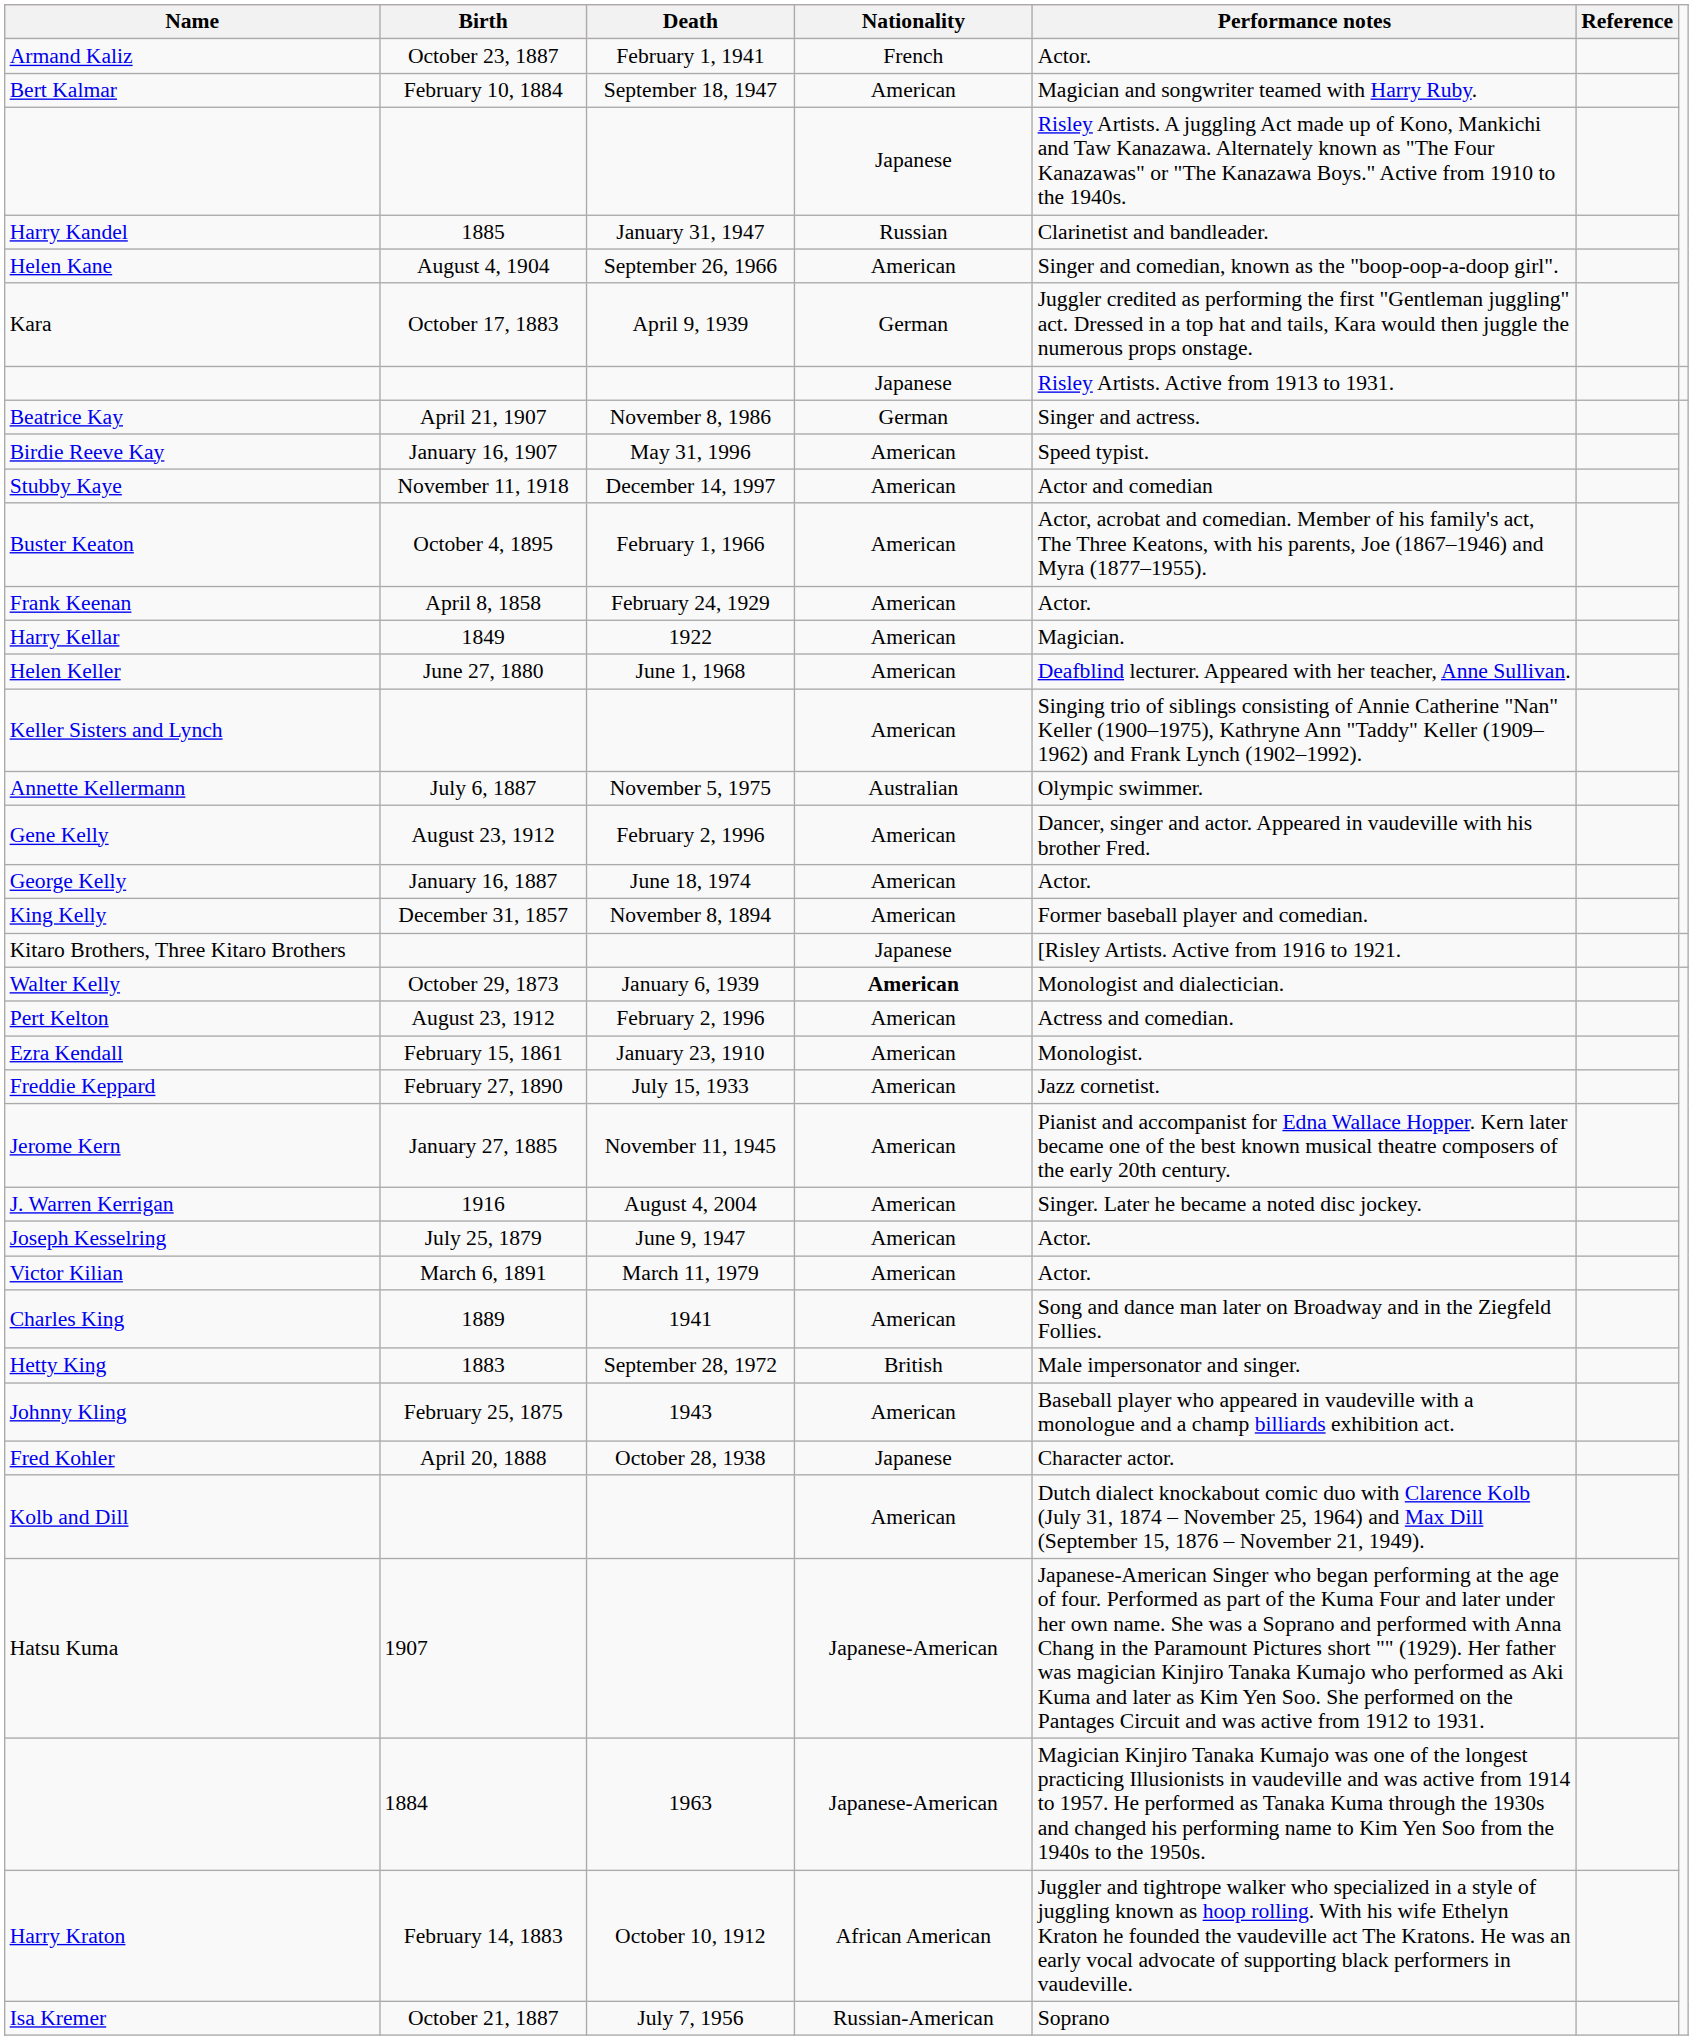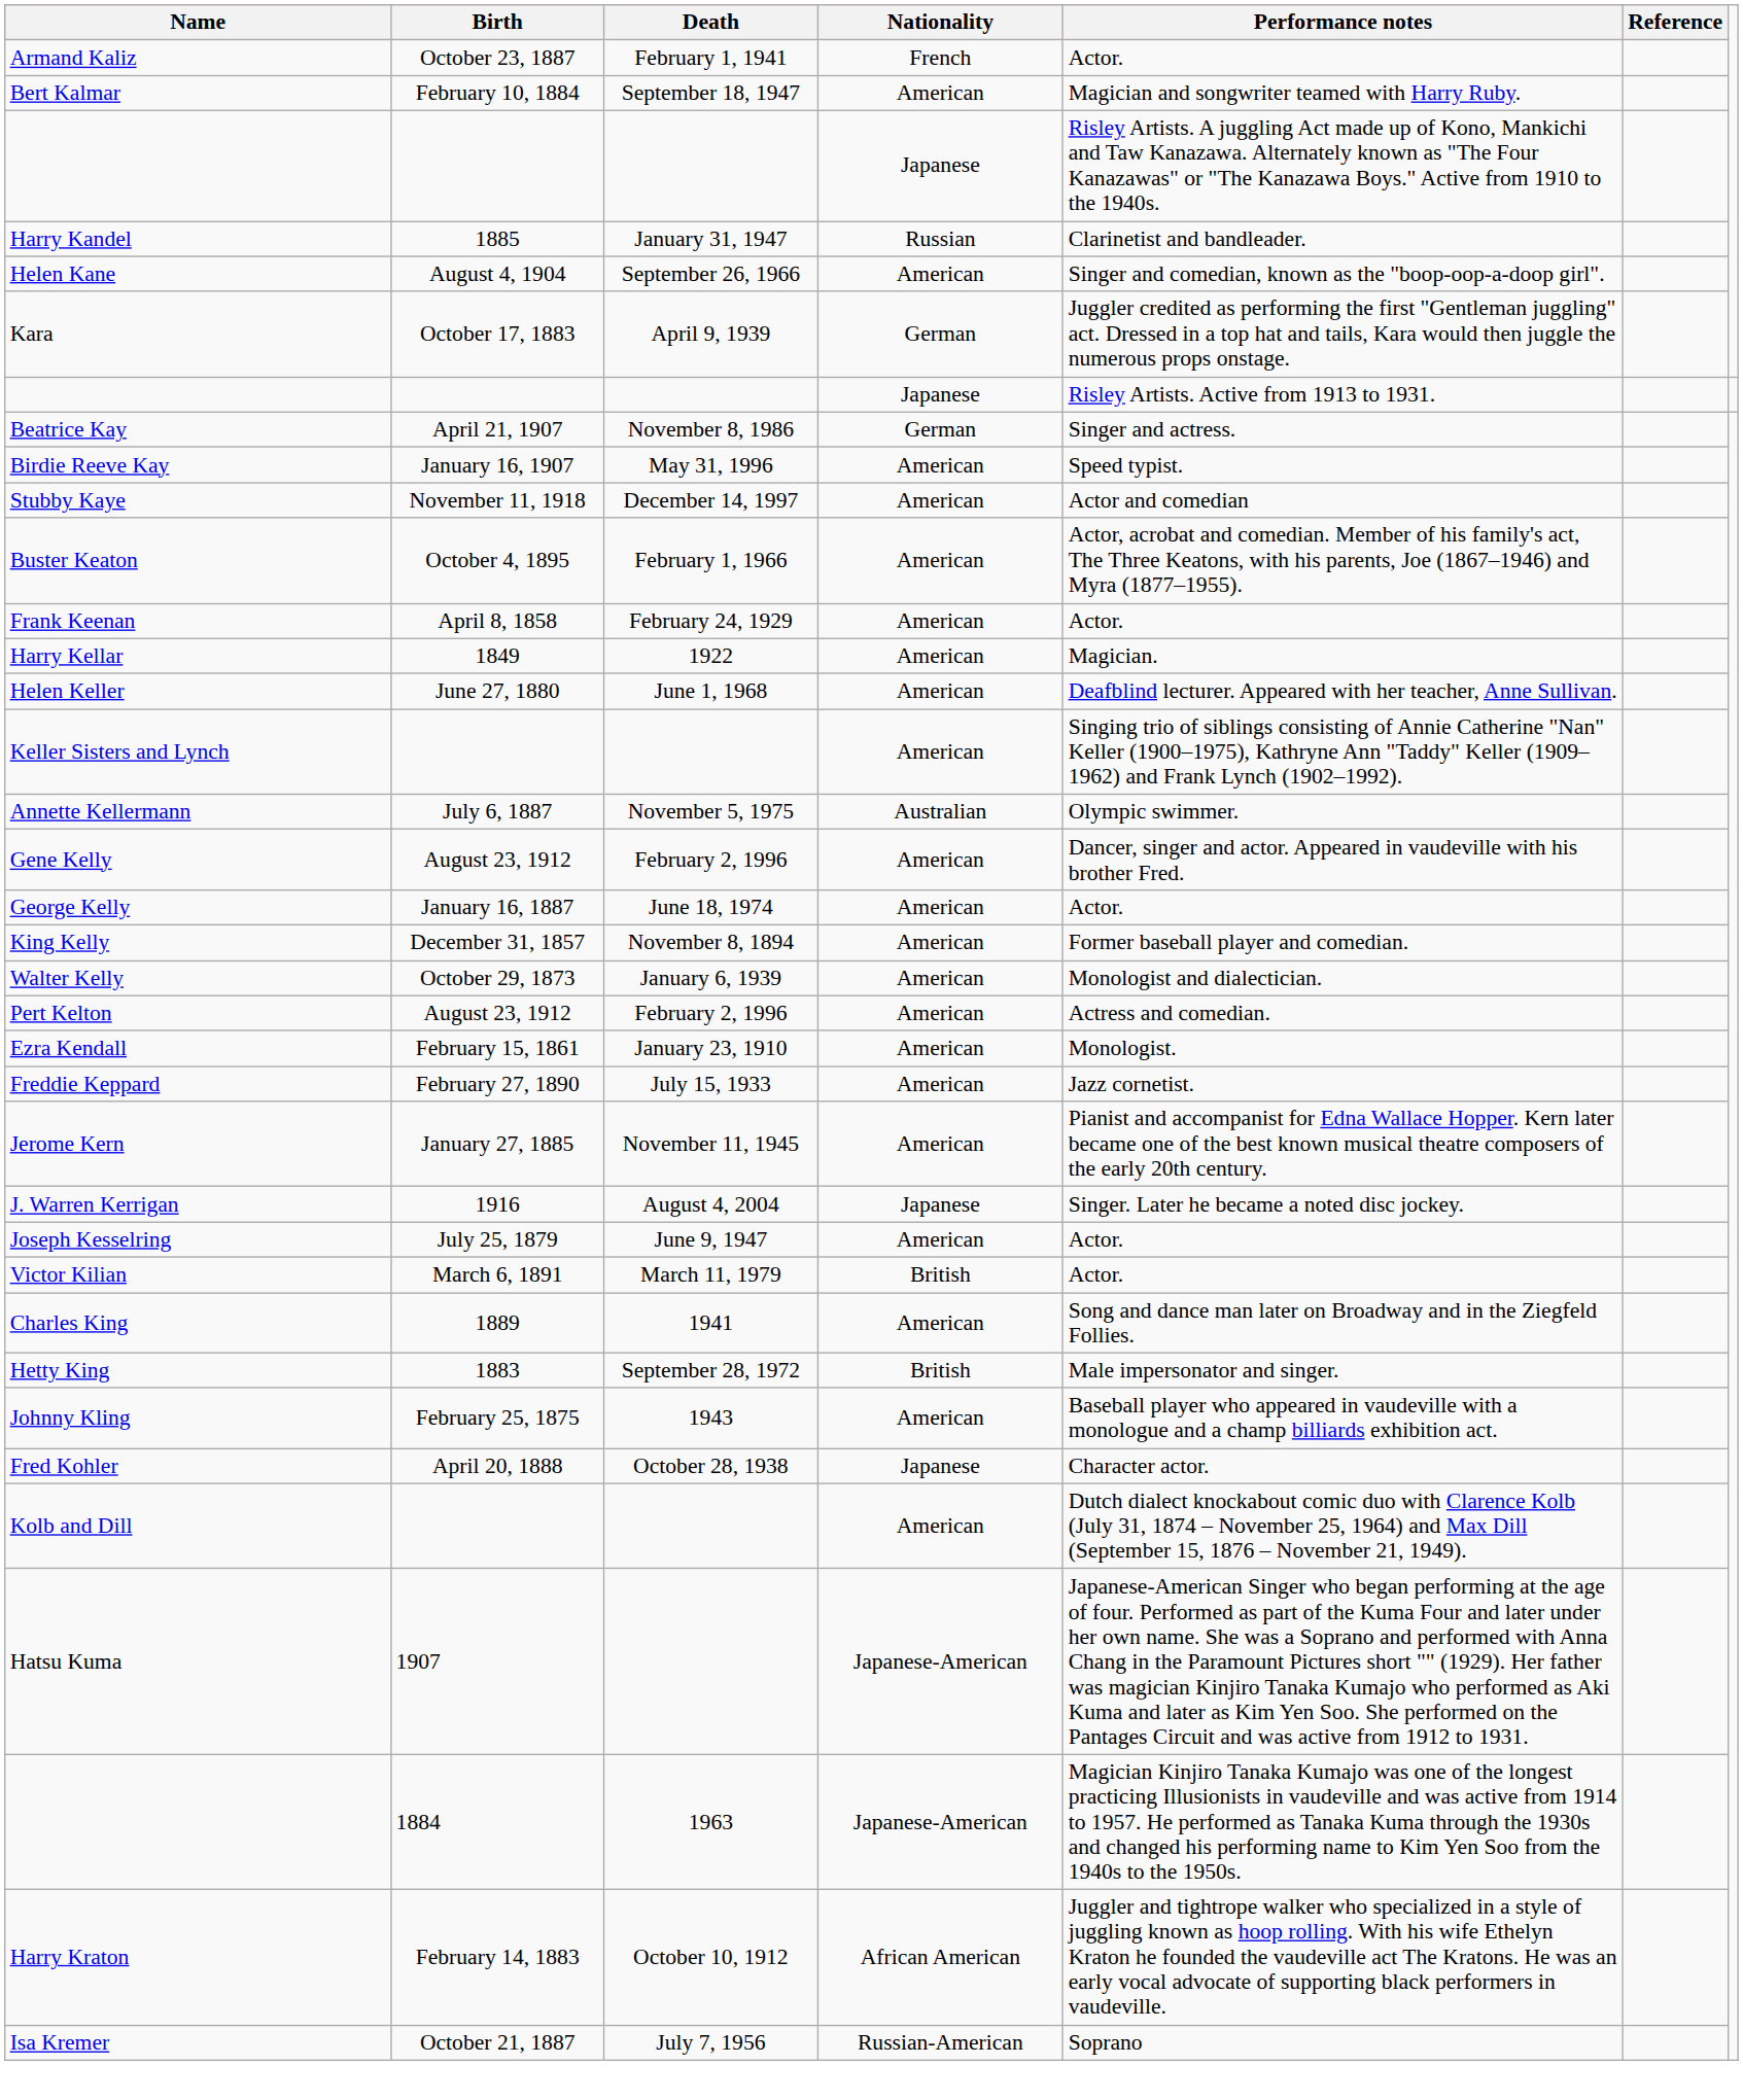 <table class="wikitable sortable">
 <tr style="background:pink;">
 <th style="width:24%;">Name</th>
 <th style="width:13%;">Birth</th>
 <th style="width:13%;">Death</th>
 <th style="width:15%;">Nationality</th>
 <th style="width:35%;">Performance notes</th>
 <th style="width:1%;">Reference</th>
 </tr>
 <tr>
 <td><a href='#'>Armand Kaliz</a></td>
 <td style="text-align:center;">October 23, 1887</td>
 <td style="text-align:center;">February 1, 1941</td>
 <td style="text-align:center;">French</td>
 <td>Actor.</td>
 <td></td>
 </tr>
 <tr>
 <td><a href='#'>Bert Kalmar</a></td>
 <td style="text-align:center;">February 10, 1884</td>
 <td style="text-align:center;">September 18, 1947</td>
 <td style="text-align:center;">American</td>
 <td>Magician and songwriter teamed with <a href='#'>Harry Ruby</a>.</td>
 <td></td>
 </tr>
 <tr>
 <td></td>
 <td style="text-align:center;"></td>
 <td style="text-align:center;"></td>
 <td style="text-align:center;">Japanese</td>
 <td><a href='#'>Risley</a> Artists. A juggling Act made up of Kono, Mankichi and Taw Kanazawa. Alternately known as "The Four Kanazawas" or "The Kanazawa Boys." Active from 1910 to the 1940s.</td>
 <td></td>
 </tr>
 <tr>
 <td><a href='#'>Harry Kandel</a></td>
 <td style="text-align:center;">1885</td>
 <td style="text-align:center;">January 31, 1947</td>
 <td style="text-align:center;">Russian</td>
 <td>Clarinetist and bandleader.</td>
 <td></td>
 </tr>
 <tr>
 <td><a href='#'>Helen Kane</a></td>
 <td style="text-align:center;">August 4, 1904</td>
 <td style="text-align:center;">September 26, 1966</td>
 <td style="text-align:center;">American</td>
 <td>Singer and comedian, known as the "boop-oop-a-doop girl".</td>
 <td></td>
 </tr>
 <tr>
 <td>Kara</td>
 <td style="text-align:center;">October 17, 1883</td>
 <td style="text-align:center;">April 9, 1939</td>
 <td style="text-align:center;">German</td>
 <td>Juggler credited as performing the first "Gentleman juggling" act. Dressed in a top hat and tails, Kara would then juggle the numerous props onstage.</td>
 <td></td>
 </tr>
 <tr>
 <td></td>
 <td style="text-align:center;"></td>
 <td style="text-align:center;"></td>
 <td style="text-align:center;">Japanese</td>
 <td><a href='#'>Risley</a> Artists. Active from 1913 to 1931.</td>
 <td></td>
 <td></td>
 </tr>
 <tr>
 <td><a href='#'>Beatrice Kay</a></td>
 <td style="text-align:center;">April 21, 1907</td>
 <td style="text-align:center;">November 8, 1986</td>
 <td style="text-align:center;">German</td>
 <td>Singer and actress.</td>
 <td></td>
 </tr>
 <tr>
 <td><a href='#'>Birdie Reeve Kay</a></td>
 <td style="text-align:center;">January 16, 1907</td>
 <td style="text-align:center;">May 31, 1996</td>
 <td style="text-align:center;">American</td>
 <td>Speed typist.</td>
 <td></td>
 </tr>
 <tr>
 <td><a href='#'>Stubby Kaye</a></td>
 <td style="text-align:center;">November 11, 1918</td>
 <td style="text-align:center;">December 14, 1997</td>
 <td style="text-align:center;">American</td>
 <td>Actor and comedian</td>
 <td></td>
 </tr>
 <tr>
 <td><a href='#'>Buster Keaton</a></td>
 <td style="text-align:center;">October 4, 1895</td>
 <td style="text-align:center;">February 1, 1966</td>
 <td style="text-align:center;">American</td>
 <td>Actor, acrobat and comedian. Member of his family's act, The Three Keatons, with his parents, Joe (1867–1946) and Myra (1877–1955).</td>
 <td></td>
 </tr>
 <tr>
 <td><a href='#'>Frank Keenan</a></td>
 <td style="text-align:center;">April 8, 1858</td>
 <td style="text-align:center;">February 24, 1929</td>
 <td style="text-align:center;">American</td>
 <td>Actor.</td>
 <td></td>
 </tr>
 <tr>
 <td><a href='#'>Harry Kellar</a></td>
 <td style="text-align:center;">1849</td>
 <td style="text-align:center;">1922</td>
 <td style="text-align:center;">American</td>
 <td>Magician.</td>
 <td></td>
 </tr>
 <tr>
 <td><a href='#'>Helen Keller</a></td>
 <td style="text-align:center;">June 27, 1880</td>
 <td style="text-align:center;">June 1, 1968</td>
 <td style="text-align:center;">American</td>
 <td><a href='#'>Deafblind</a> lecturer. Appeared with her teacher, <a href='#'>Anne Sullivan</a>.</td>
 <td></td>
 </tr>
 <tr>
 <td><a href='#'>Keller Sisters and Lynch</a></td>
 <td style="text-align:center;"></td>
 <td style="text-align:center;"></td>
 <td style="text-align:center;">American</td>
 <td>Singing trio of siblings consisting of Annie Catherine "Nan" Keller (1900–1975), Kathryne Ann "Taddy" Keller (1909–1962) and Frank Lynch (1902–1992).</td>
 <td></td>
 </tr>
 <tr>
 <td><a href='#'>Annette Kellermann</a></td>
 <td style="text-align:center;">July 6, 1887</td>
 <td style="text-align:center;">November 5, 1975</td>
 <td style="text-align:center;">Australian</td>
 <td>Olympic swimmer.</td>
 <td></td>
 </tr>
 <tr>
 <td><a href='#'>Gene Kelly</a></td>
 <td style="text-align:center;">August 23, 1912</td>
 <td style="text-align:center;">February 2, 1996</td>
 <td style="text-align:center;">American</td>
 <td>Dancer, singer and actor. Appeared in vaudeville with his brother Fred.</td>
 <td></td>
 </tr>
 <tr>
 <td><a href='#'>George Kelly</a></td>
 <td style="text-align:center;">January 16, 1887</td>
 <td style="text-align:center;">June 18, 1974</td>
 <td style="text-align:center;">American</td>
 <td>Actor.</td>
 <td></td>
 </tr>
 <tr>
 <td><a href='#'>King Kelly</a></td>
 <td style="text-align:center;">December 31, 1857</td>
 <td style="text-align:center;">November 8, 1894</td>
 <td style="text-align:center;">American</td>
 <td>Former baseball player and comedian.</td>
 <td></td>
 </tr>
 <tr>
-<td>Kitaro Brothers, Three Kitaro Brothers</td>
-<td style="text-align:center;"></td>
-<td style="text-align:center;"></td>
-<td style="text-align:center;">Japanese</td>
-<td>[Risley Artists.  Active from 1916 to 1921.</td>
-<td></td>
-<td></td>
-</tr>
-<tr>
 <td><a href='#'>Walter Kelly</a></td>
 <td style="text-align:center;">October 29, 1873</td>
 <td style="text-align:center;">January 6, 1939</td>
-<td style="text-align:center;"><strong>American</strong></td>
+<td style="text-align:center;">American</td>
 <td>Monologist and dialectician.</td>
 <td></td>
 </tr>
 <tr>
 <td><a href='#'>Pert Kelton</a></td>
 <td style="text-align:center;">August 23, 1912</td>
 <td style="text-align:center;">February 2, 1996</td>
 <td style="text-align:center;">American</td>
 <td>Actress and comedian.</td>
 <td></td>
 </tr>
 <tr>
 <td><a href='#'>Ezra Kendall</a></td>
 <td style="text-align:center;">February 15, 1861</td>
 <td style="text-align:center;">January 23, 1910</td>
 <td style="text-align:center;">American</td>
 <td>Monologist.</td>
 <td></td>
 </tr>
 <tr>
 <td><a href='#'>Freddie Keppard</a></td>
 <td style="text-align:center;">February 27, 1890</td>
 <td style="text-align:center;">July 15, 1933</td>
 <td style="text-align:center;">American</td>
 <td>Jazz cornetist.</td>
 <td></td>
 </tr>
 <tr>
 <td><a href='#'>Jerome Kern</a></td>
 <td style="text-align:center;">January 27, 1885</td>
 <td style="text-align:center;">November 11, 1945</td>
 <td style="text-align:center;">American</td>
 <td>Pianist and accompanist for <a href='#'>Edna Wallace Hopper</a>. Kern later became one of the best known musical theatre composers of the early 20th century.</td>
 <td></td>
 </tr>
 <tr>
 <td><a href='#'>J. Warren Kerrigan</a></td>
 <td style="text-align:center;">1916</td>
 <td style="text-align:center;">August 4, 2004</td>
-<td style="text-align:center;">American</td>
+<td style="text-align:center;">Japanese</td>
 <td>Singer. Later he became a noted disc jockey.</td>
 <td></td>
 </tr>
 <tr>
 <td><a href='#'>Joseph Kesselring</a></td>
 <td style="text-align:center;">July 25, 1879</td>
 <td style="text-align:center;">June 9, 1947</td>
 <td style="text-align:center;">American</td>
 <td>Actor.</td>
 <td></td>
 </tr>
 <tr>
 <td><a href='#'>Victor Kilian</a></td>
 <td style="text-align:center;">March 6, 1891</td>
 <td style="text-align:center;">March 11, 1979</td>
-<td style="text-align:center;">American</td>
+<td style="text-align:center;">British</td>
 <td>Actor.</td>
 <td></td>
 </tr>
 <tr>
 <td><a href='#'>Charles King</a></td>
 <td style="text-align:center;">1889</td>
 <td style="text-align:center;">1941</td>
 <td style="text-align:center;">American</td>
 <td>Song and dance man later on Broadway and in the Ziegfeld Follies.</td>
 <td></td>
 </tr>
 <tr>
 <td><a href='#'>Hetty King</a></td>
 <td style="text-align:center;">1883</td>
 <td style="text-align:center;">September 28, 1972</td>
 <td style="text-align:center;">British</td>
 <td>Male impersonator and singer.</td>
 <td></td>
 </tr>
 <tr>
 <td><a href='#'>Johnny Kling</a></td>
 <td style="text-align:center;">February 25, 1875</td>
 <td style="text-align:center;">1943</td>
 <td style="text-align:center;">American</td>
 <td>Baseball player who appeared in vaudeville with a monologue and a champ <a href='#'>billiards</a> exhibition act.</td>
 <td></td>
 </tr>
 <tr>
 <td><a href='#'>Fred Kohler</a></td>
 <td style="text-align:center;">April 20, 1888</td>
 <td style="text-align:center;">October 28, 1938</td>
 <td style="text-align:center;">Japanese</td>
 <td>Character actor.</td>
 <td></td>
 </tr>
 <tr>
 <td><a href='#'>Kolb and Dill</a></td>
 <td style="text-align:center;"></td>
 <td style="text-align:center;"></td>
 <td style="text-align:center;">American</td>
 <td>Dutch dialect knockabout comic duo with <a href='#'>Clarence Kolb</a> (July 31, 1874 – November 25, 1964) and <a href='#'>Max Dill</a> (September 15, 1876 – November 21, 1949).</td>
 <td></td>
 </tr>
 <tr>
 <td>Hatsu Kuma</td>
 <td style="text-align:center:">1907</td>
 <td style="text-align:center;"></td>
 <td style="text-align:center;">Japanese-American</td>
 <td>Japanese-American Singer who began performing at the age of four. Performed as part of the Kuma Four and later under her own name. She was a Soprano and performed with Anna Chang in the Paramount Pictures short "" (1929). Her father was magician Kinjiro Tanaka Kumajo who performed as Aki Kuma and later as Kim Yen Soo. She performed on the Pantages Circuit and was active from 1912 to 1931.</td>
 <td></td>
 </tr>
 <tr>
 <td></td>
 <td style="text-align:center:">1884</td>
 <td style="text-align:center;">1963</td>
 <td style="text-align:center;">Japanese-American</td>
 <td>Magician Kinjiro Tanaka Kumajo was one of the longest practicing Illusionists in vaudeville and was active from 1914 to 1957. He performed as Tanaka Kuma through the 1930s and changed his performing name to Kim Yen Soo from the 1940s to the 1950s.</td>
 <td></td>
 </tr>
 <tr>
 <td><a href='#'>Harry Kraton</a></td>
 <td style="text-align:center;">February 14, 1883</td>
 <td style="text-align:center;">October 10, 1912</td>
 <td style="text-align:center;">African American</td>
 <td>Juggler and tightrope walker who specialized in a style of juggling known as <a href='#'>hoop rolling</a>. With his wife Ethelyn Kraton he founded the vaudeville act The Kratons. He was an early vocal advocate of supporting black performers in vaudeville.</td>
 <td></td>
 </tr>
 <tr>
 <td><a href='#'>Isa Kremer</a></td>
 <td style="text-align:center;">October 21, 1887</td>
 <td style="text-align:center;">July 7, 1956</td>
 <td style="text-align:center;">Russian-American</td>
 <td>Soprano</td>
 <td></td>
 </tr>
 </table>
